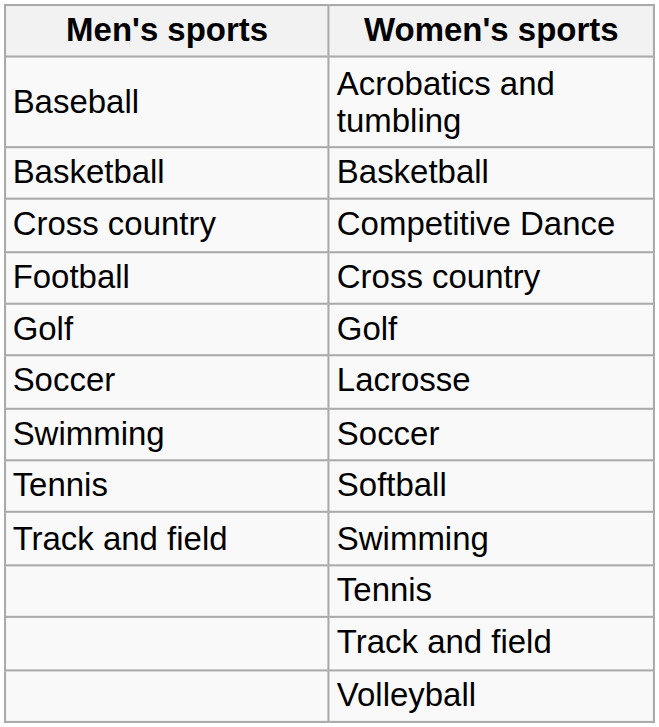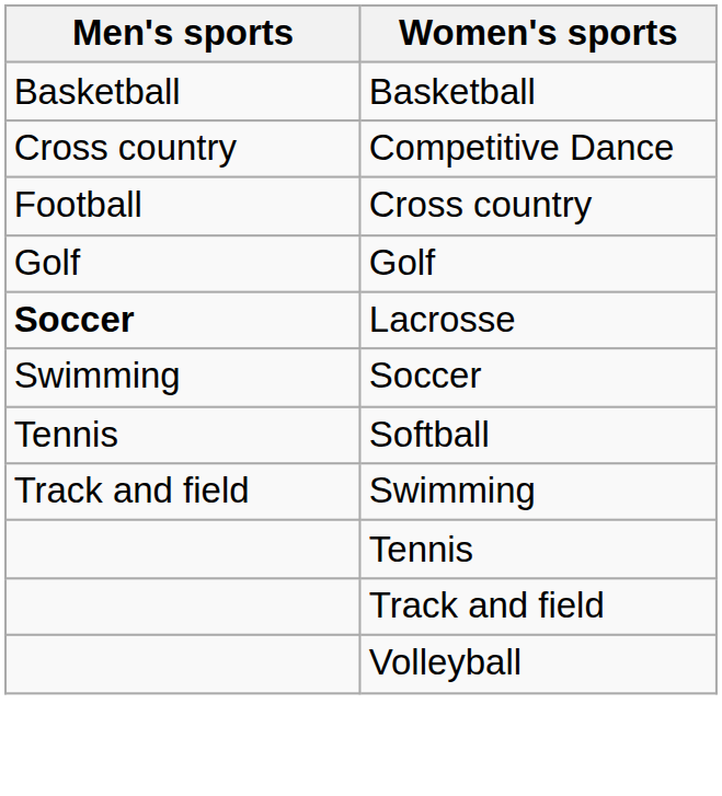 <table class="wikitable"; style= "text-align: ">
 <tr>
 <th width=150px>Men's sports</th>
 <th width=150px>Women's sports</th>
-</tr>
-<tr>
-<td>Baseball</td>
-<td>Acrobatics and tumbling</td>
 </tr>
 <tr>
 <td>Basketball</td>
 <td>Basketball</td>
 </tr>
 <tr>
 <td>Cross country</td>
 <td>Competitive Dance</td>
 </tr>
 <tr>
 <td>Football</td>
 <td>Cross country</td>
 </tr>
 <tr>
 <td>Golf</td>
 <td>Golf</td>
 </tr>
 <tr>
-<td>Soccer</td>
+<td><strong>Soccer</strong></td>
 <td>Lacrosse</td>
 </tr>
 <tr>
 <td>Swimming</td>
 <td>Soccer</td>
 </tr>
 <tr>
 <td>Tennis</td>
 <td>Softball</td>
 </tr>
 <tr>
 <td>Track and field</td>
 <td>Swimming</td>
 </tr>
 <tr>
 <td></td>
 <td>Tennis</td>
 </tr>
 <tr>
 <td></td>
 <td>Track and field</td>
 </tr>
 <tr>
 <td></td>
 <td>Volleyball</td>
 </tr>
 </table>
